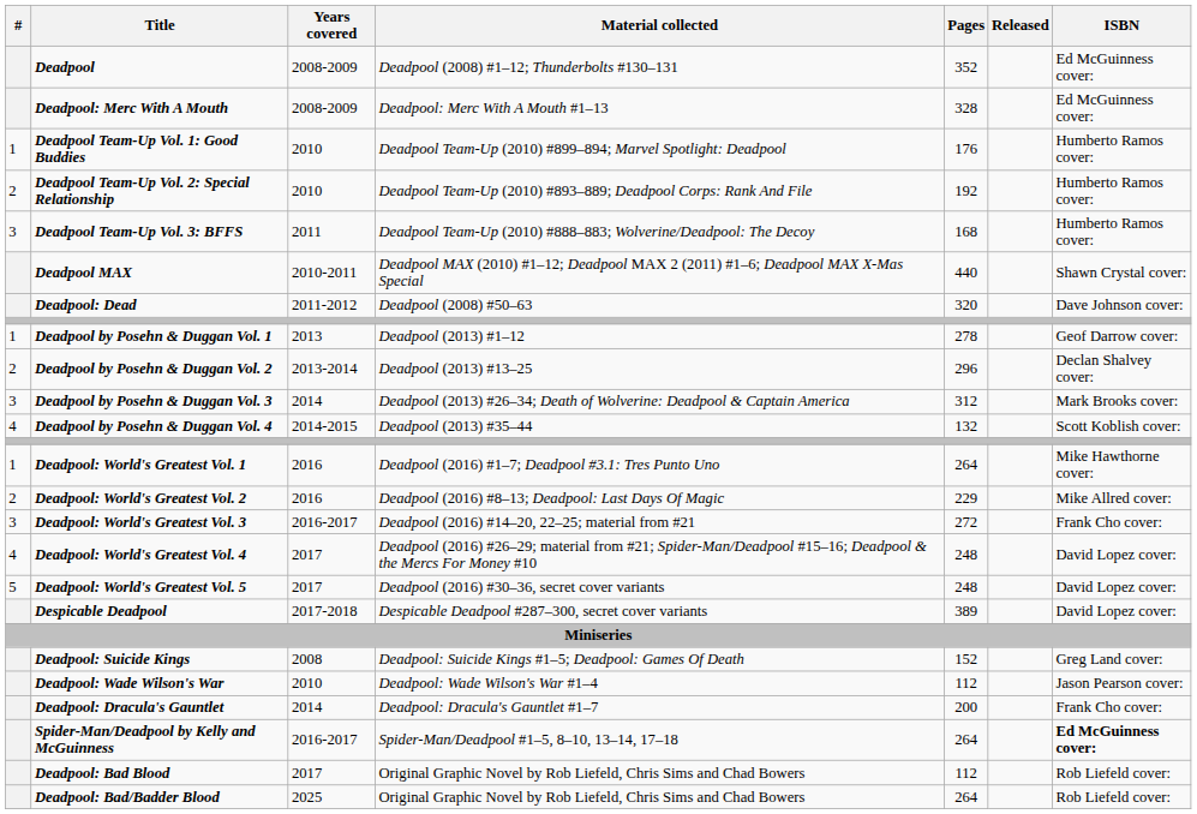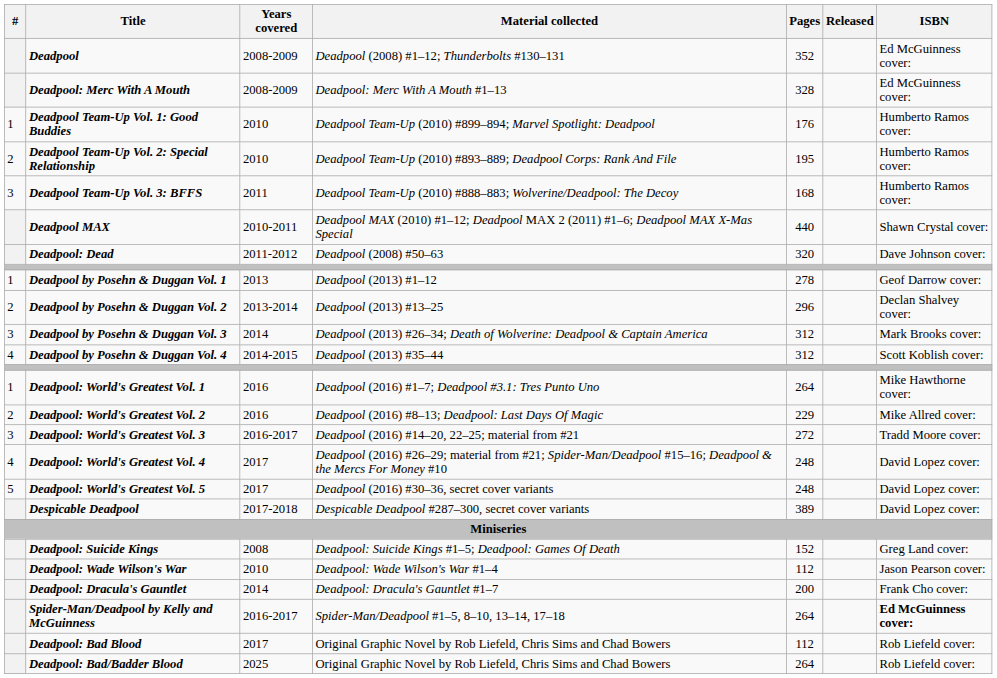 <table class="wikitable sortable" width=99%>
 <tr>
 <th class="unsortable" width=20px>#</th>
 <th>Title</th>
 <th>Years covered</th>
 <th class="unsortable">Material collected</th>
 <th>Pages</th>
 <th>Released</th>
 <th class="unsortable">ISBN</th>
 </tr>
 <tr>
 <th style="background-color: light grey;"></th>
 <td><strong><em>Deadpool</em></strong></td>
 <td>2008-2009</td>
 <td><em>Deadpool</em> (2008) #1–12; <em>Thunderbolts</em> #130–131</td>
 <td style="text-align: center;">352</td>
 <td></td>
 <td>Ed McGuinness cover: </td>
 </tr>
 <tr>
 <th style="background-color: light grey;"></th>
 <td><strong><em>Deadpool: Merc With A Mouth</em></strong></td>
 <td>2008-2009</td>
 <td><em>Deadpool: Merc With A Mouth</em> #1–13</td>
 <td style="text-align: center;">328</td>
 <td></td>
 <td>Ed McGuinness cover: </td>
 </tr>
 <tr>
 <td>1</td>
 <td><strong><em>Deadpool Team-Up Vol. 1: Good Buddies</em></strong></td>
 <td>2010</td>
 <td><em>Deadpool Team-Up</em> (2010) #899–894; <em>Marvel Spotlight: Deadpool</em></td>
 <td style="text-align: center;">176</td>
 <td></td>
 <td>Humberto Ramos cover: </td>
 </tr>
 <tr>
 <td>2</td>
 <td><strong><em>Deadpool Team-Up Vol. 2: Special Relationship</em></strong></td>
 <td>2010</td>
 <td><em>Deadpool Team-Up</em> (2010) #893–889; <em>Deadpool Corps: Rank And File</em></td>
-<td style="text-align: center;">192</td>
+<td style="text-align: center;">195</td>
 <td></td>
 <td>Humberto Ramos cover: </td>
 </tr>
 <tr>
 <td>3</td>
 <td><strong><em>Deadpool Team-Up Vol. 3: BFFS</em></strong></td>
 <td>2011</td>
 <td><em>Deadpool Team-Up</em> (2010) #888–883; <em>Wolverine/Deadpool: The Decoy</em></td>
 <td style="text-align: center;">168</td>
 <td></td>
 <td>Humberto Ramos cover: </td>
 </tr>
 <tr>
 <th style="background-color: light grey;"></th>
 <td><strong><em>Deadpool MAX</em></strong></td>
 <td>2010-2011</td>
 <td><em>Deadpool MAX</em> (2010) #1–12; <em>Deadpool</em> MAX 2 (2011) #1–6; <em>Deadpool MAX X-Mas Special</em></td>
 <td style="text-align: center;">440</td>
 <td></td>
 <td>Shawn Crystal cover: </td>
 </tr>
 <tr>
 <th style="background-color: light grey;"></th>
 <td><strong><em>Deadpool: Dead</em></strong></td>
 <td>2011-2012</td>
 <td><em>Deadpool</em> (2008) #50–63</td>
 <td style="text-align: center;">320</td>
 <td></td>
 <td>Dave Johnson cover: </td>
 </tr>
 <tr>
 <th colspan=7 style="background-color: silver;"></th>
 </tr>
 <tr>
 <td>1</td>
 <td><strong><em>Deadpool by Posehn & Duggan Vol. 1</em></strong></td>
 <td>2013</td>
 <td><em>Deadpool</em> (2013) #1–12</td>
 <td style="text-align: center;">278</td>
 <td></td>
 <td>Geof Darrow cover: </td>
 </tr>
 <tr>
 <td>2</td>
 <td><strong><em>Deadpool by Posehn & Duggan Vol. 2</em></strong></td>
 <td>2013-2014</td>
 <td><em>Deadpool</em> (2013) #13–25</td>
 <td style="text-align: center;">296</td>
 <td></td>
 <td>Declan Shalvey cover: </td>
 </tr>
 <tr>
 <td>3</td>
 <td><strong><em>Deadpool by Posehn & Duggan Vol. 3</em></strong></td>
 <td>2014</td>
 <td><em>Deadpool</em> (2013) #26–34; <em>Death of Wolverine: Deadpool & Captain America</em></td>
 <td style="text-align: center;">312</td>
 <td></td>
 <td>Mark Brooks cover: </td>
 </tr>
 <tr>
 <td>4</td>
 <td><strong><em>Deadpool by Posehn & Duggan Vol. 4</em></strong></td>
 <td>2014-2015</td>
 <td><em>Deadpool</em> (2013) #35–44</td>
-<td style="text-align: center;">132</td>
+<td style="text-align: center;">312</td>
 <td></td>
 <td>Scott Koblish cover: </td>
 </tr>
 <tr>
 <th colspan=7 style="background-color: silver;"></th>
 </tr>
 <tr>
 <td>1</td>
 <td><strong><em>Deadpool: World's Greatest Vol. 1</em></strong></td>
 <td>2016</td>
 <td><em>Deadpool</em> (2016) #1–7; <em>Deadpool #3.1: Tres Punto Uno</em></td>
 <td style="text-align: center;">264</td>
 <td></td>
 <td>Mike Hawthorne cover: </td>
 </tr>
 <tr>
 <td>2</td>
 <td><strong><em>Deadpool: World's Greatest Vol. 2</em></strong></td>
 <td>2016</td>
 <td><em>Deadpool</em> (2016) #8–13; <em>Deadpool: Last Days Of Magic</em></td>
 <td style="text-align: center;">229</td>
 <td></td>
 <td>Mike Allred cover: </td>
 </tr>
 <tr>
 <td>3</td>
 <td><strong><em>Deadpool: World's Greatest Vol. 3</em></strong></td>
 <td>2016-2017</td>
 <td><em>Deadpool</em> (2016) #14–20, 22–25; material from #21</td>
 <td style="text-align: center;">272</td>
 <td></td>
-<td>Frank Cho cover: </td>
+<td>Tradd Moore cover: </td>
 </tr>
 <tr>
 <td>4</td>
 <td><strong><em>Deadpool: World's Greatest Vol. 4</em></strong></td>
 <td>2017</td>
 <td><em>Deadpool</em> (2016) #26–29; material from #21; <em>Spider-Man/Deadpool</em> #15–16; <em>Deadpool & the Mercs For Money</em> #10</td>
 <td style="text-align: center;">248</td>
 <td></td>
 <td>David Lopez cover: </td>
 </tr>
 <tr>
 <td>5</td>
 <td><strong><em>Deadpool: World's Greatest Vol. 5</em></strong></td>
 <td>2017</td>
 <td><em>Deadpool</em> (2016) #30–36, secret cover variants</td>
 <td style="text-align: center;">248</td>
 <td></td>
 <td>David Lopez cover: </td>
 </tr>
 <tr>
 <th style="background-color: light grey;"></th>
 <td><strong><em>Despicable Deadpool</em></strong></td>
 <td>2017-2018</td>
 <td><em>Despicable Deadpool</em> #287–300, secret cover variants</td>
 <td style="text-align: center;">389</td>
 <td></td>
 <td>David Lopez cover: </td>
 </tr>
 <tr>
 <th colspan=7 style="background-color: silver;">Miniseries</th>
 </tr>
 <tr>
 <th style="background-color: light grey;"></th>
 <td><strong><em>Deadpool: Suicide Kings</em></strong></td>
 <td>2008</td>
 <td><em>Deadpool: Suicide Kings</em> #1–5; <em>Deadpool: Games Of Death</em></td>
 <td style="text-align: center;">152</td>
 <td></td>
 <td>Greg Land cover: </td>
 </tr>
 <tr>
 <th style="background-color: light grey;"></th>
 <td><strong><em>Deadpool: Wade Wilson's War</em></strong></td>
 <td>2010</td>
 <td><em>Deadpool: Wade Wilson's War</em> #1–4</td>
 <td style="text-align: center;">112</td>
 <td></td>
 <td>Jason Pearson cover: </td>
 </tr>
 <tr>
 <th style="background-color: light grey;"></th>
 <td><strong><em>Deadpool: Dracula's Gauntlet</em></strong></td>
 <td>2014</td>
 <td><em>Deadpool: Dracula's Gauntlet</em> #1–7</td>
 <td style="text-align: center;">200</td>
 <td></td>
 <td>Frank Cho cover: </td>
 </tr>
 <tr>
 <th style="background-color: light grey;"></th>
 <td><strong><em>Spider-Man/Deadpool by Kelly and McGuinness</em></strong></td>
 <td>2016-2017</td>
 <td><em>Spider-Man/Deadpool</em> #1–5, 8–10, 13–14, 17–18</td>
 <td style="text-align: center;">264</td>
 <td></td>
 <td><strong>Ed McGuinness cover: </strong></td>
 </tr>
 <tr>
 <th style="background-color: light grey;"></th>
 <td><strong><em>Deadpool: Bad Blood</em></strong></td>
 <td>2017</td>
 <td>Original Graphic Novel by Rob Liefeld, Chris Sims and Chad Bowers</td>
 <td style="text-align: center;">112</td>
 <td></td>
 <td>Rob Liefeld cover: </td>
 </tr>
 <tr>
 <th style="background-color: light grey;"></th>
 <td><strong><em>Deadpool: Bad/Badder Blood</em></strong></td>
 <td>2025</td>
 <td>Original Graphic Novel by Rob Liefeld, Chris Sims and Chad Bowers</td>
 <td style="text-align: center;">264</td>
 <td></td>
 <td>Rob Liefeld cover: </td>
 </tr>
 </table>
